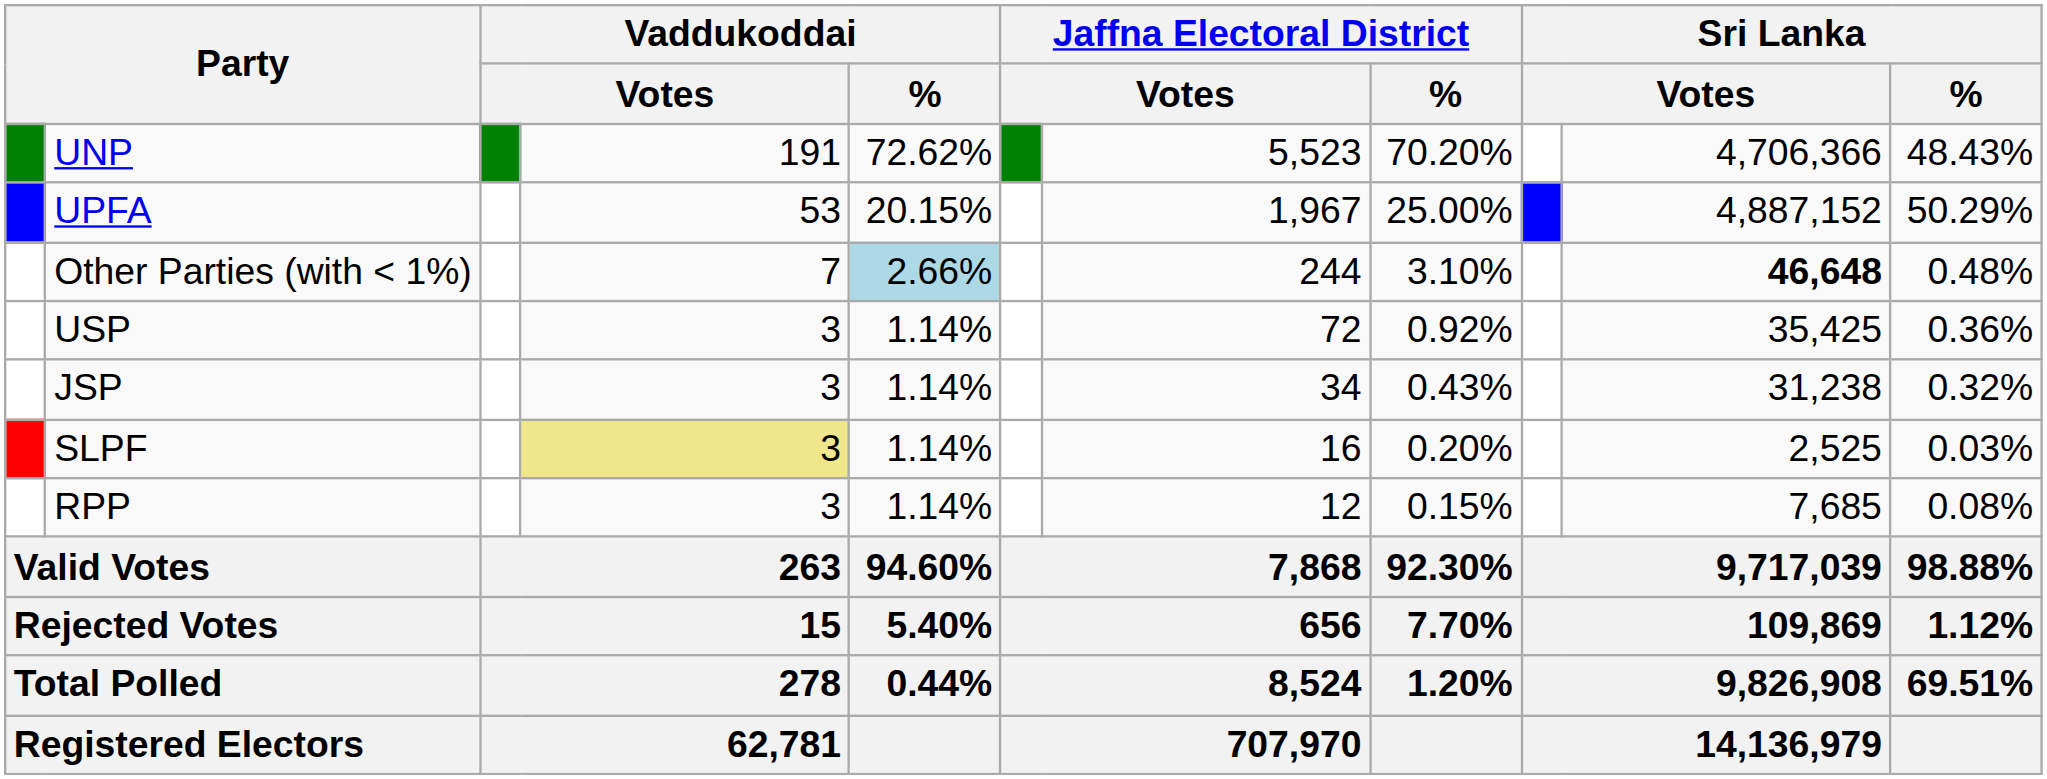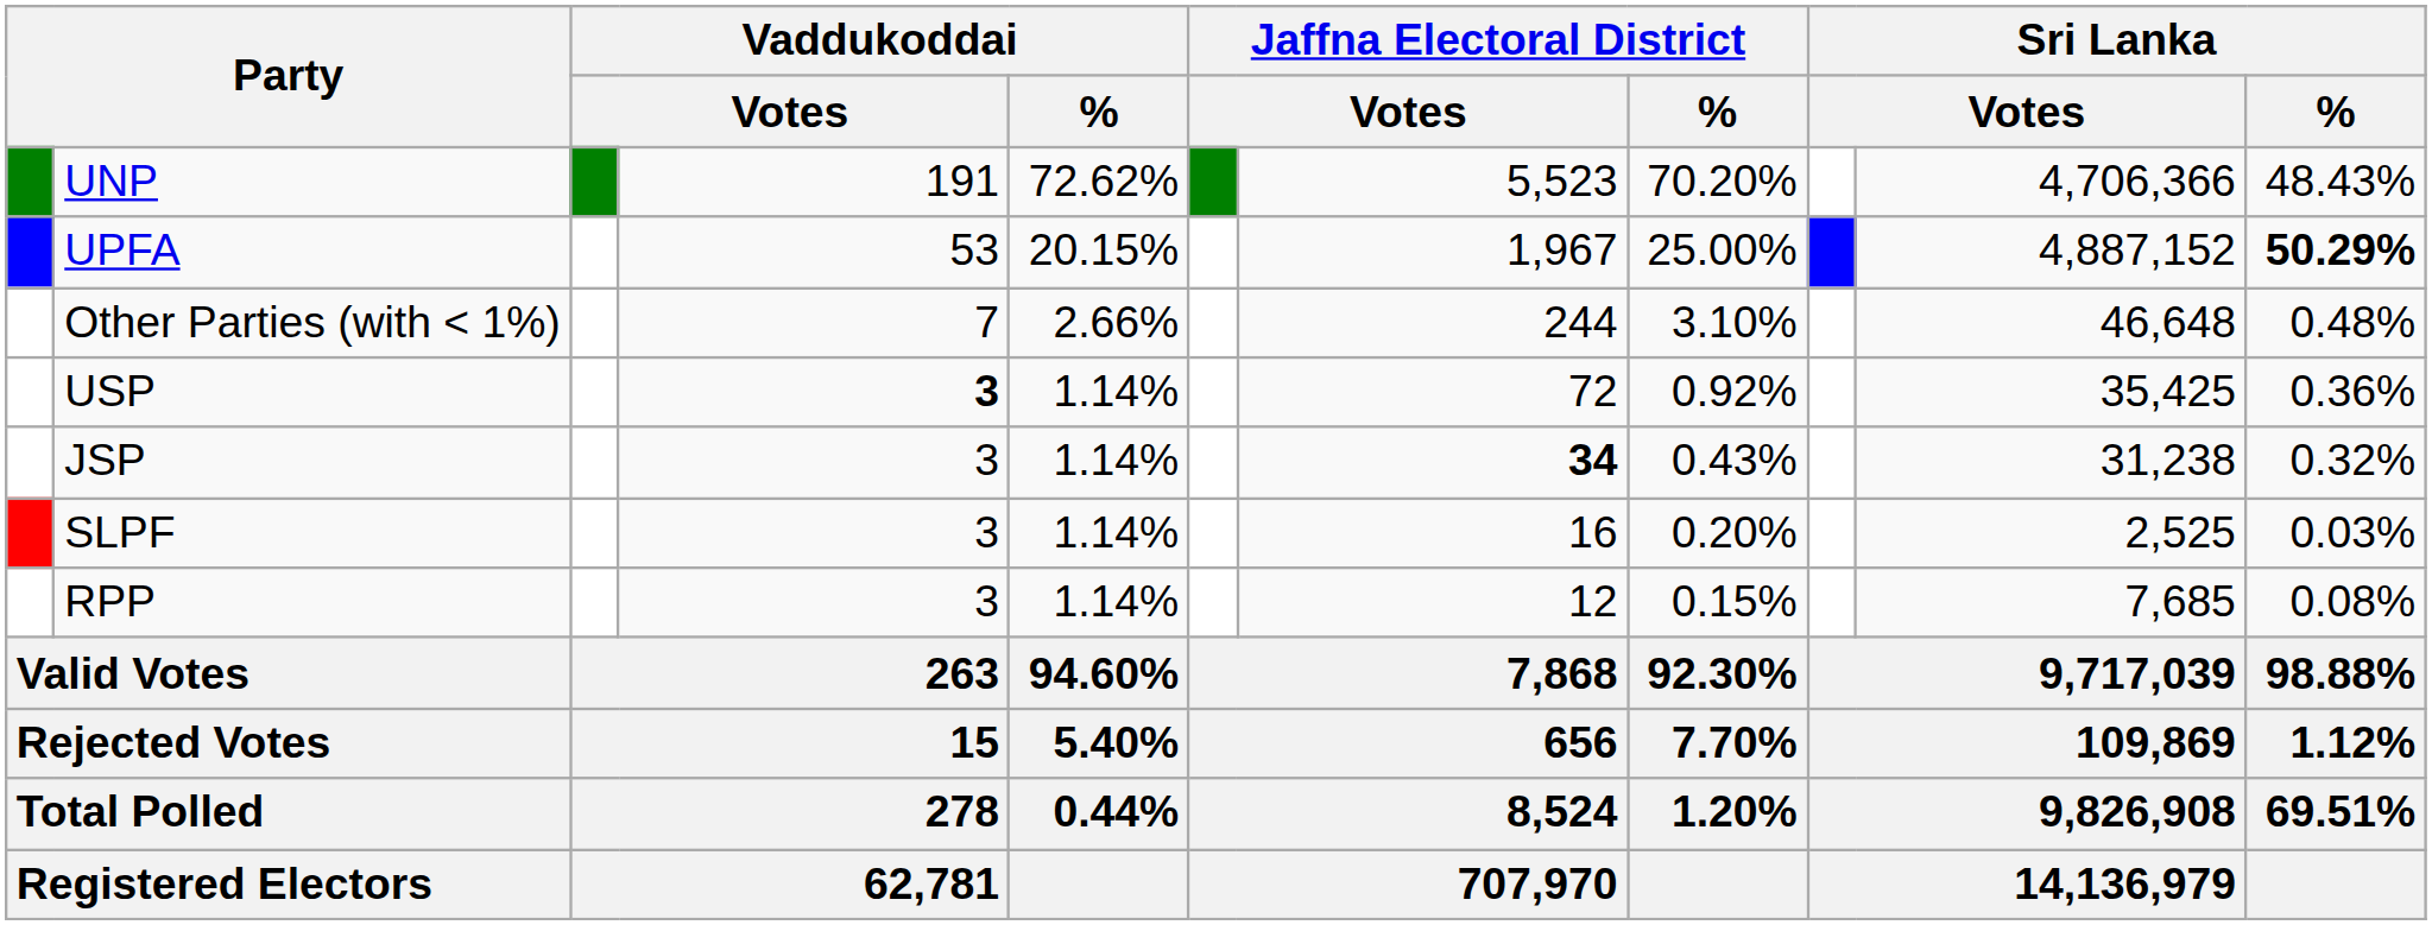 <table class="wikitable">
 <tr>
 <th colspan="2" width="144px"rowspan="2">Party</th>
 <th colspan="3" width="216px">Vaddukoddai</th>
 <th colspan="3" width="216px"><a href='#'>Jaffna Electoral District</a></th>
 <th colspan="3" width="216px">Sri Lanka</th>
 </tr>
 <tr>
 <th colspan="2" width="144px">Votes</th>
 <th>%</th>
 <th colspan="2" width="144px">Votes</th>
 <th>%</th>
 <th colspan="2" width="144px">Votes</th>
 <th>%</th>
 </tr>
 <tr>
 <td style="background-color:green;" width="10px"></td>
 <td style="text-align:left;"><a href='#'>UNP</a></td>
 <td style="background-color:green;" width="10px"></td>
 <td style="text-align:right;">191</td>
 <td style="text-align:right;">72.62%</td>
 <td style="background-color:green;" width="10px"></td>
 <td style="text-align:right;">5,523</td>
 <td style="text-align:right;">70.20%</td>
 <td style="background-color:white;" width="10px"></td>
 <td style="text-align:right;">4,706,366</td>
 <td style="text-align:right;">48.43%</td>
 </tr>
 <tr>
 <td style="background-color:blue;" width="10px"></td>
 <td style="text-align:left;"><a href='#'>UPFA</a></td>
 <td style="background-color:white;" width="10px"></td>
 <td style="text-align:right;">53</td>
 <td style="text-align:right;">20.15%</td>
 <td style="background-color:white;" width="10px"></td>
 <td style="text-align:right;">1,967</td>
 <td style="text-align:right;">25.00%</td>
 <td style="background-color:blue;" width="10px"></td>
 <td style="text-align:right;">4,887,152</td>
-<td style="text-align:right;">50.29%</td>
+<td style="text-align:right;"><strong>50.29%</strong></td>
 </tr>
 <tr>
 <td style="background-color:white;" width="10px"></td>
 <td style="text-align:left;">Other Parties (with < 1%)</td>
 <td style="background-color:white;" width="10px"></td>
 <td style="text-align:right;">7</td>
-<td style="background: lightblue; text-align:right;">2.66%</td>
+<td style="text-align:right;">2.66%</td>
 <td style="background-color:white;" width="10px"></td>
 <td style="text-align:right;">244</td>
 <td style="text-align:right;">3.10%</td>
 <td style="background-color:white;" width="10px"></td>
-<td style="text-align:right;"><strong>46,648</strong></td>
+<td style="text-align:right;">46,648</td>
 <td style="text-align:right;">0.48%</td>
 </tr>
 <tr>
 <td style="background-color:white;" width="10px"></td>
 <td style="text-align:left;">USP</td>
 <td style="background-color:white;" width="10px"></td>
-<td style="text-align:right;">3</td>
+<td style="text-align:right;"><strong>3</strong></td>
 <td style="text-align:right;">1.14%</td>
 <td style="background-color:white;" width="10px"></td>
 <td style="text-align:right;">72</td>
 <td style="text-align:right;">0.92%</td>
 <td style="background-color:white;" width="10px"></td>
 <td style="text-align:right;">35,425</td>
 <td style="text-align:right;">0.36%</td>
 </tr>
 <tr>
 <td style="background-color:white;" width="10px"></td>
 <td style="text-align:left;">JSP</td>
 <td style="background-color:white;" width="10px"></td>
 <td style="text-align:right;">3</td>
 <td style="text-align:right;">1.14%</td>
 <td style="background-color:white;" width="10px"></td>
-<td style="text-align:right;">34</td>
+<td style="text-align:right;"><strong>34</strong></td>
 <td style="text-align:right;">0.43%</td>
 <td style="background-color:white;" width="10px"></td>
 <td style="text-align:right;">31,238</td>
 <td style="text-align:right;">0.32%</td>
 </tr>
 <tr>
 <td style="background-color:red;" width="10px"></td>
 <td style="text-align:left;">SLPF</td>
 <td style="background-color:white;" width="10px"></td>
-<td style="background: khaki; text-align:right;">3</td>
+<td style="text-align:right;">3</td>
 <td style="text-align:right;">1.14%</td>
 <td style="background-color:white;" width="10px"></td>
 <td style="text-align:right;">16</td>
 <td style="text-align:right;">0.20%</td>
 <td style="background-color:white;" width="10px"></td>
 <td style="text-align:right;">2,525</td>
 <td style="text-align:right;">0.03%</td>
 </tr>
 <tr>
 <td style="background-color:white;" width="10px"></td>
 <td style="text-align:left;">RPP</td>
 <td style="background-color:white;" width="10px"></td>
 <td style="text-align:right;">3</td>
 <td style="text-align:right;">1.14%</td>
 <td style="background-color:white;" width="10px"></td>
 <td style="text-align:right;">12</td>
 <td style="text-align:right;">0.15%</td>
 <td style="background-color:white;" width="10px"></td>
 <td style="text-align:right;">7,685</td>
 <td style="text-align:right;">0.08%</td>
 </tr>
 <tr>
 <th colspan="2" width="144px"style="text-align:left;">Valid Votes</th>
 <th style="text-align:right;"colspan="2" width="144px">263</th>
 <th style="text-align:right;">94.60%</th>
 <th style="text-align:right;"colspan="2" width="144px">7,868</th>
 <th style="text-align:right;">92.30%</th>
 <th style="text-align:right;"colspan="2" width="144px">9,717,039</th>
 <th style="text-align:right;">98.88%</th>
 </tr>
 <tr>
 <th colspan="2" width="144px"style="text-align:left;">Rejected Votes</th>
 <th style="text-align:right;"colspan="2" width="144px">15</th>
 <th style="text-align:right;">5.40%</th>
 <th style="text-align:right;"colspan="2" width="144px">656</th>
 <th style="text-align:right;">7.70%</th>
 <th style="text-align:right;"colspan="2" width="144px">109,869</th>
 <th style="text-align:right;">1.12%</th>
 </tr>
 <tr>
 <th colspan="2" width="144px"style="text-align:left;">Total Polled</th>
 <th style="text-align:right;"colspan="2" width="144px">278</th>
 <th style="text-align:right;">0.44%</th>
 <th style="text-align:right;"colspan="2" width="144px">8,524</th>
 <th style="text-align:right;">1.20%</th>
 <th style="text-align:right;"colspan="2" width="144px">9,826,908</th>
 <th style="text-align:right;">69.51%</th>
 </tr>
 <tr>
 <th colspan="2" width="144px"style="text-align:left;">Registered Electors</th>
 <th style="text-align:right;"colspan="2" width="144px">62,781</th>
 <th></th>
 <th style="text-align:right;"colspan="2" width="144px">707,970</th>
 <th></th>
 <th style="text-align:right;"colspan="2" width="144px">14,136,979</th>
 <th></th>
 </tr>
 </table>
